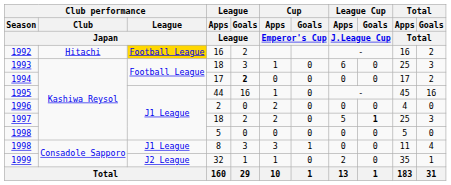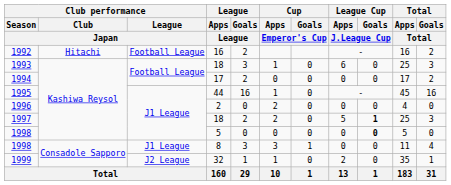 <table class="wikitable" style="text-align:center;">
 <tr>
 <th colspan=3>Club performance</th>
 <th colspan=2>League</th>
 <th colspan=2>Cup</th>
 <th colspan=2>League Cup</th>
 <th colspan=2>Total</th>
 </tr>
 <tr>
 <th>Season</th>
 <th>Club</th>
 <th>League</th>
 <th>Apps</th>
 <th>Goals</th>
 <th>Apps</th>
 <th>Goals</th>
 <th>Apps</th>
 <th>Goals</th>
 <th>Apps</th>
 <th>Goals</th>
 </tr>
 <tr>
 <th colspan=3>Japan</th>
 <th colspan=2>League</th>
 <th colspan=2><a href='#'>Emperor's Cup</a></th>
 <th colspan=2><a href='#'>J.League Cup</a></th>
 <th colspan=2>Total</th>
 </tr>
 <tr>
 <td><a href='#'>1992</a></td>
 <td><a href='#'>Hitachi</a></td>
-<td style="background: gold;"><a href='#'>Football League</a></td>
+<td><a href='#'>Football League</a></td>
 <td>16</td>
 <td>2</td>
 <td></td>
 <td></td>
 <td colspan=2>-</td>
 <td>16</td>
 <td>2</td>
 </tr>
 <tr>
 <td><a href='#'>1993</a></td>
 <td rowspan=6><a href='#'>Kashiwa Reysol</a></td>
 <td rowspan=2><a href='#'>Football League</a></td>
 <td>18</td>
 <td>3</td>
 <td>1</td>
 <td>0</td>
 <td>6</td>
 <td>0</td>
 <td>25</td>
 <td>3</td>
 </tr>
 <tr>
 <td><a href='#'>1994</a></td>
 <td>17</td>
-<td><strong>2</strong></td>
+<td>2</td>
 <td>0</td>
 <td>0</td>
 <td>0</td>
 <td>0</td>
 <td>17</td>
 <td>2</td>
 </tr>
 <tr>
 <td><a href='#'>1995</a></td>
 <td rowspan=4><a href='#'>J1 League</a></td>
 <td>44</td>
 <td>16</td>
 <td>1</td>
 <td>0</td>
 <td colspan=2>-</td>
 <td>45</td>
 <td>16</td>
 </tr>
 <tr>
 <td><a href='#'>1996</a></td>
 <td>2</td>
 <td>0</td>
 <td>2</td>
 <td>0</td>
 <td>0</td>
 <td>0</td>
 <td>4</td>
 <td>0</td>
 </tr>
 <tr>
 <td><a href='#'>1997</a></td>
 <td>18</td>
 <td>2</td>
 <td>2</td>
 <td>0</td>
 <td>5</td>
 <td><strong>1</strong></td>
 <td>25</td>
 <td>3</td>
 </tr>
 <tr>
 <td><a href='#'>1998</a></td>
 <td>5</td>
 <td>0</td>
 <td>0</td>
 <td>0</td>
 <td>0</td>
-<td>0</td>
+<td><strong>0</strong></td>
 <td>5</td>
 <td>0</td>
 </tr>
 <tr>
 <td><a href='#'>1998</a></td>
 <td rowspan=2><a href='#'>Consadole Sapporo</a></td>
 <td><a href='#'>J1 League</a></td>
 <td>8</td>
 <td>3</td>
 <td>3</td>
 <td>1</td>
 <td>0</td>
 <td>0</td>
 <td>11</td>
 <td>4</td>
 </tr>
 <tr>
 <td><a href='#'>1999</a></td>
 <td><a href='#'>J2 League</a></td>
 <td>32</td>
 <td>1</td>
 <td>1</td>
 <td>0</td>
 <td>2</td>
 <td>0</td>
 <td>35</td>
 <td>1</td>
 </tr>
 <tr>
 <th colspan=3>Total</th>
 <th>160</th>
 <th>29</th>
 <th>10</th>
 <th>1</th>
 <th>13</th>
 <th>1</th>
 <th>183</th>
 <th>31</th>
 </tr>
 </table>
